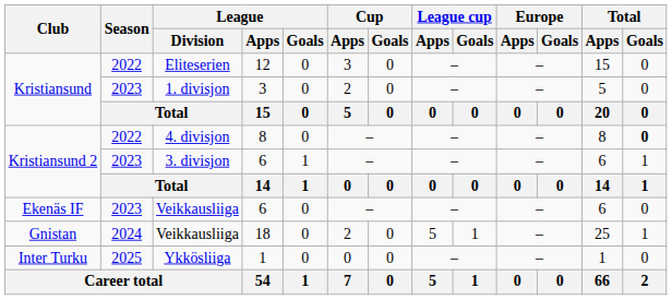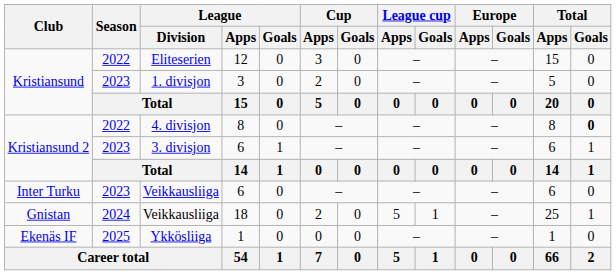 <table class="wikitable" style="text-align:center">
 <tr>
 <th rowspan="2">Club</th>
 <th rowspan="2">Season</th>
 <th colspan="3">League</th>
 <th colspan="2">Cup</th>
 <th colspan="2"><a href='#'>League cup</a></th>
 <th colspan="2">Europe</th>
 <th colspan="2">Total</th>
 </tr>
 <tr>
 <th>Division</th>
 <th>Apps</th>
 <th>Goals</th>
 <th>Apps</th>
 <th>Goals</th>
 <th>Apps</th>
 <th>Goals</th>
 <th>Apps</th>
 <th>Goals</th>
 <th>Apps</th>
 <th>Goals</th>
 </tr>
 <tr>
 <td rowspan=3><a href='#'>Kristiansund</a></td>
 <td><a href='#'>2022</a></td>
 <td><a href='#'>Eliteserien</a></td>
 <td>12</td>
 <td>0</td>
 <td>3</td>
 <td>0</td>
 <td colspan=2>–</td>
 <td colspan=2>–</td>
 <td>15</td>
 <td>0</td>
 </tr>
 <tr>
 <td><a href='#'>2023</a></td>
 <td><a href='#'>1. divisjon</a></td>
 <td>3</td>
 <td>0</td>
 <td>2</td>
 <td>0</td>
 <td colspan=2>–</td>
 <td colspan=2>–</td>
 <td>5</td>
 <td>0</td>
 </tr>
 <tr>
 <th colspan=2>Total</th>
 <th>15</th>
 <th>0</th>
 <th>5</th>
 <th>0</th>
 <th>0</th>
 <th>0</th>
 <th>0</th>
 <th>0</th>
 <th>20</th>
 <th>0</th>
 </tr>
 <tr>
 <td rowspan=3><a href='#'>Kristiansund 2</a></td>
 <td><a href='#'>2022</a></td>
 <td><a href='#'>4. divisjon</a></td>
 <td>8</td>
 <td>0</td>
 <td colspan=2>–</td>
 <td colspan=2>–</td>
 <td colspan=2>–</td>
 <td>8</td>
 <td><strong>0</strong></td>
 </tr>
 <tr>
 <td><a href='#'>2023</a></td>
 <td><a href='#'>3. divisjon</a></td>
 <td>6</td>
 <td>1</td>
 <td colspan=2>–</td>
 <td colspan=2>–</td>
 <td colspan=2>–</td>
 <td>6</td>
 <td>1</td>
 </tr>
 <tr>
 <th colspan=2>Total</th>
 <th>14</th>
 <th>1</th>
 <th>0</th>
 <th>0</th>
 <th>0</th>
 <th>0</th>
 <th>0</th>
 <th>0</th>
 <th>14</th>
 <th>1</th>
 </tr>
 <tr>
-<td><a href='#'>Ekenäs IF</a></td>
+<td><a href='#'>Inter Turku</a></td>
 <td><a href='#'>2023</a></td>
 <td><a href='#'>Veikkausliiga</a></td>
 <td>6</td>
 <td>0</td>
 <td colspan=2>–</td>
 <td colspan=2>–</td>
 <td colspan=2>–</td>
 <td>6</td>
 <td>0</td>
 </tr>
 <tr>
 <td><a href='#'>Gnistan</a></td>
 <td><a href='#'>2024</a></td>
 <td>Veikkausliiga</td>
 <td>18</td>
 <td>0</td>
 <td>2</td>
 <td>0</td>
 <td>5</td>
 <td>1</td>
 <td colspan=2>–</td>
 <td>25</td>
 <td>1</td>
 </tr>
 <tr>
-<td><a href='#'>Inter Turku</a></td>
+<td><a href='#'>Ekenäs IF</a></td>
 <td><a href='#'>2025</a></td>
 <td><a href='#'>Ykkösliiga</a></td>
 <td>1</td>
 <td>0</td>
 <td>0</td>
 <td>0</td>
 <td colspan=2>–</td>
 <td colspan=2>–</td>
 <td>1</td>
 <td>0</td>
 </tr>
 <tr>
 <th colspan="3">Career total</th>
 <th>54</th>
 <th>1</th>
 <th>7</th>
 <th>0</th>
 <th>5</th>
 <th>1</th>
 <th>0</th>
 <th>0</th>
 <th>66</th>
 <th>2</th>
 </tr>
 </table>
